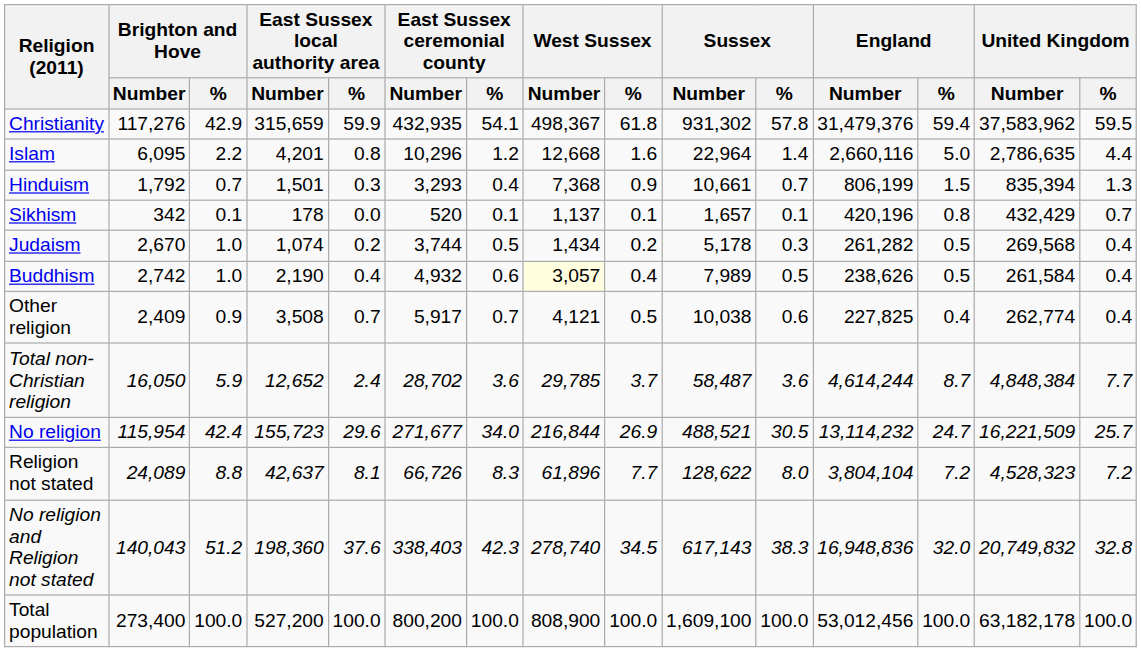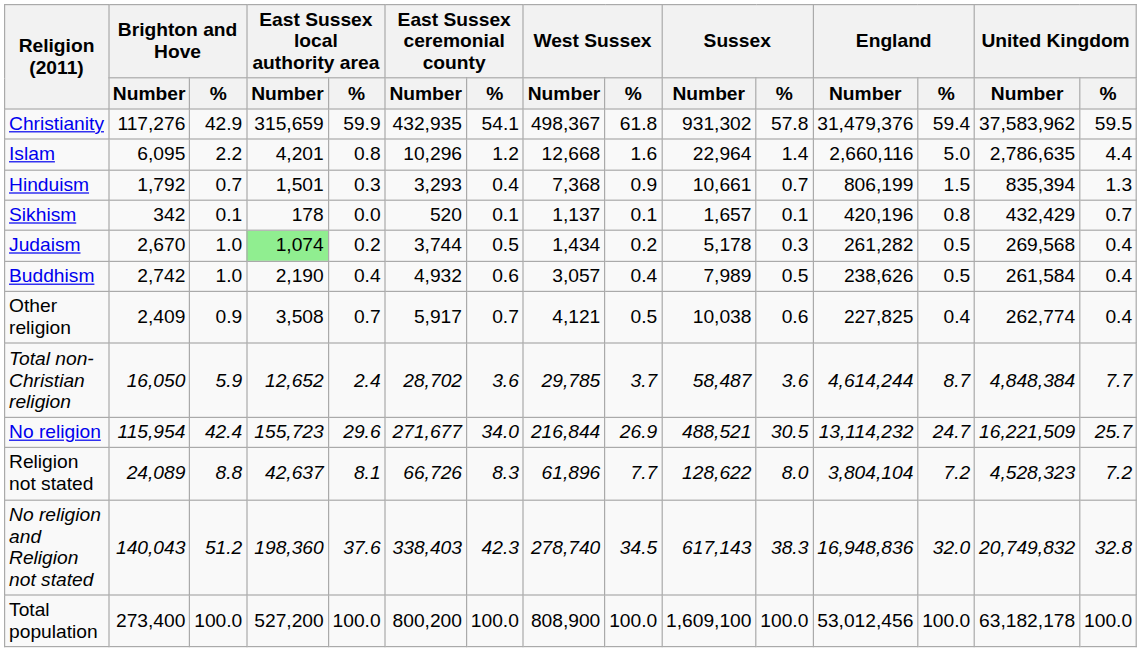 <table class="wikitable collapsible">
 <tr>
 <th rowspan="2">Religion (2011)</th>
 <th colspan="2">Brighton and Hove</th>
 <th colspan="2">East Sussex local authority area</th>
 <th colspan="2">East Sussex ceremonial county</th>
 <th colspan="2">West Sussex</th>
 <th colspan="2">Sussex</th>
 <th colspan="2">England</th>
 <th colspan="2">United Kingdom</th>
 </tr>
 <tr>
 <th>Number</th>
 <th>%</th>
 <th>Number</th>
 <th>%</th>
 <th>Number</th>
 <th>%</th>
 <th>Number</th>
 <th>%</th>
 <th>Number</th>
 <th>%</th>
 <th>Number</th>
 <th>%</th>
 <th>Number</th>
 <th>%</th>
 </tr>
 <tr>
 <td><a href='#'>Christianity</a></td>
 <td align=right>117,276</td>
 <td align=right>42.9</td>
 <td align=right>315,659</td>
 <td align=right>59.9</td>
 <td align=right>432,935</td>
 <td align=right>54.1</td>
 <td align=right>498,367</td>
 <td align=right>61.8</td>
 <td align=right>931,302</td>
 <td align=right>57.8</td>
 <td align=right>31,479,376</td>
 <td align=right>59.4</td>
 <td align=right>37,583,962</td>
 <td align=right>59.5</td>
 </tr>
 <tr>
 <td><a href='#'>Islam</a></td>
 <td align=right>6,095</td>
 <td align=right>2.2</td>
 <td align=right>4,201</td>
 <td align=right>0.8</td>
 <td align=right>10,296</td>
 <td align=right>1.2</td>
 <td align=right>12,668</td>
 <td align=right>1.6</td>
 <td align=right>22,964</td>
 <td align=right>1.4</td>
 <td align=right>2,660,116</td>
 <td align=right>5.0</td>
 <td align=right>2,786,635</td>
 <td align=right>4.4</td>
 </tr>
 <tr>
 <td><a href='#'>Hinduism</a></td>
 <td align=right>1,792</td>
 <td align=right>0.7</td>
 <td align=right>1,501</td>
 <td align=right>0.3</td>
 <td align=right>3,293</td>
 <td align=right>0.4</td>
 <td align=right>7,368</td>
 <td align=right>0.9</td>
 <td align=right>10,661</td>
 <td align=right>0.7</td>
 <td align=right>806,199</td>
 <td align=right>1.5</td>
 <td align=right>835,394</td>
 <td align=right>1.3</td>
 </tr>
 <tr>
 <td><a href='#'>Sikhism</a></td>
 <td align=right>342</td>
 <td align=right>0.1</td>
 <td align=right>178</td>
 <td align=right>0.0</td>
 <td align=right>520</td>
 <td align=right>0.1</td>
 <td align=right>1,137</td>
 <td align=right>0.1</td>
 <td align=right>1,657</td>
 <td align=right>0.1</td>
 <td align=right>420,196</td>
 <td align=right>0.8</td>
 <td align=right>432,429</td>
 <td align=right>0.7</td>
 </tr>
 <tr>
 <td><a href='#'>Judaism</a></td>
 <td align=right>2,670</td>
 <td align=right>1.0</td>
-<td align=right>1,074</td>
+<td align=right style="background: lightgreen;">1,074</td>
 <td align=right>0.2</td>
 <td align=right>3,744</td>
 <td align=right>0.5</td>
 <td align=right>1,434</td>
 <td align=right>0.2</td>
 <td align=right>5,178</td>
 <td align=right>0.3</td>
 <td align=right>261,282</td>
 <td align=right>0.5</td>
 <td align=right>269,568</td>
 <td align=right>0.4</td>
 </tr>
 <tr>
 <td><a href='#'>Buddhism</a></td>
 <td align=right>2,742</td>
 <td align=right>1.0</td>
 <td align=right>2,190</td>
 <td align=right>0.4</td>
 <td align=right>4,932</td>
 <td align=right>0.6</td>
-<td align=right style="background: lightyellow;">3,057</td>
+<td align=right>3,057</td>
 <td align=right>0.4</td>
 <td align=right>7,989</td>
 <td align=right>0.5</td>
 <td align=right>238,626</td>
 <td align=right>0.5</td>
 <td align=right>261,584</td>
 <td align=right>0.4</td>
 </tr>
 <tr>
 <td>Other religion</td>
 <td align=right>2,409</td>
 <td align=right>0.9</td>
 <td align=right>3,508</td>
 <td align=right>0.7</td>
 <td align=right>5,917</td>
 <td align=right>0.7</td>
 <td align=right>4,121</td>
 <td align=right>0.5</td>
 <td align=right>10,038</td>
 <td align=right>0.6</td>
 <td align=right>227,825</td>
 <td align=right>0.4</td>
 <td align=right>262,774</td>
 <td align=right>0.4</td>
 </tr>
 <tr>
 <td><em>Total non-Christian religion</em></td>
 <td align=right><em>16,050</em></td>
 <td align=right><em>5.9</em></td>
 <td align=right><em>12,652</em></td>
 <td align=right><em>2.4</em></td>
 <td align=right><em>28,702</em></td>
 <td align=right><em>3.6</em></td>
 <td align=right><em>29,785</em></td>
 <td align=right><em>3.7</em></td>
 <td align=right><em>58,487</em></td>
 <td align=right><em>3.6</em></td>
 <td align=right><em>4,614,244</em></td>
 <td align=right><em>8.7</em></td>
 <td align=right><em>4,848,384</em></td>
 <td align=right><em>7.7</em></td>
 </tr>
 <tr>
 <td><a href='#'>No religion</a></td>
 <td align=right><em>115,954</em></td>
 <td align=right><em>42.4</em></td>
 <td align=right><em>155,723</em></td>
 <td align=right><em>29.6</em></td>
 <td align=right><em>271,677</em></td>
 <td align=right><em>34.0</em></td>
 <td align=right><em>216,844</em></td>
 <td align=right><em>26.9</em></td>
 <td align=right><em>488,521</em></td>
 <td align=right><em>30.5</em></td>
 <td align=right><em>13,114,232</em></td>
 <td align=right><em>24.7</em></td>
 <td align=right><em>16,221,509</em></td>
 <td align=right><em>25.7</em></td>
 </tr>
 <tr>
 <td>Religion not stated</td>
 <td align=right><em>24,089</em></td>
 <td align=right><em>8.8</em></td>
 <td align=right><em>42,637</em></td>
 <td align=right><em>8.1</em></td>
 <td align=right><em>66,726</em></td>
 <td align=right><em>8.3</em></td>
 <td align=right><em>61,896</em></td>
 <td align=right><em>7.7</em></td>
 <td align=right><em>128,622</em></td>
 <td align=right><em>8.0</em></td>
 <td align=right><em>3,804,104</em></td>
 <td align=right><em>7.2</em></td>
 <td align=right><em>4,528,323</em></td>
 <td align=right><em>7.2</em></td>
 </tr>
 <tr>
 <td><em>No religion and Religion not stated</em></td>
 <td align=right><em>140,043</em></td>
 <td align=right><em>51.2</em></td>
 <td align=right><em>198,360</em></td>
 <td align=right><em>37.6</em></td>
 <td align=right><em>338,403</em></td>
 <td align=right><em>42.3</em></td>
 <td align=right><em>278,740</em></td>
 <td align=right><em>34.5</em></td>
 <td align=right><em>617,143</em></td>
 <td align=right><em>38.3</em></td>
 <td align=right><em>16,948,836</em></td>
 <td align=right><em>32.0</em></td>
 <td align=right><em>20,749,832</em></td>
 <td align=right><em>32.8</em></td>
 </tr>
 <tr>
 <td>Total population</td>
 <td align=right>273,400</td>
 <td align=right>100.0</td>
 <td align=right>527,200</td>
 <td align=right>100.0</td>
 <td align=right>800,200</td>
 <td align=right>100.0</td>
 <td align=right>808,900</td>
 <td align=right>100.0</td>
 <td align=right>1,609,100</td>
 <td align=right>100.0</td>
 <td align=right>53,012,456</td>
 <td align=right>100.0</td>
 <td align=right>63,182,178</td>
 <td align=right>100.0</td>
 </tr>
 </table>
